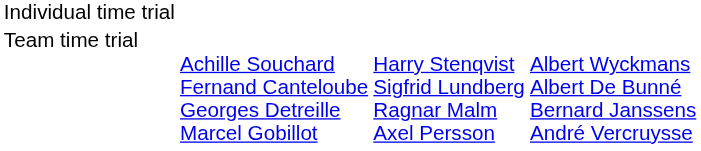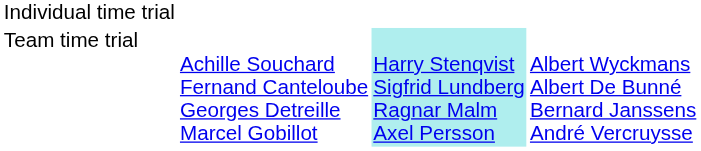 <table>
 <tr>
 <td>Individual time trial<br></td>
 <td></td>
 <td></td>
 <td></td>
 </tr>
 <tr valign="top">
 <td>Team time trial<br></td>
 <td><br><a href='#'>Achille Souchard</a><br><a href='#'>Fernand Canteloube</a><br><a href='#'>Georges Detreille</a><br><a href='#'>Marcel Gobillot</a></td>
-<td><br><a href='#'>Harry Stenqvist</a><br><a href='#'>Sigfrid Lundberg</a><br><a href='#'>Ragnar Malm</a><br><a href='#'>Axel Persson</a></td>
+<td style="background: paleturquoise;"><br><a href='#'>Harry Stenqvist</a><br><a href='#'>Sigfrid Lundberg</a><br><a href='#'>Ragnar Malm</a><br><a href='#'>Axel Persson</a></td>
 <td><br><a href='#'>Albert Wyckmans</a><br><a href='#'>Albert De Bunné</a><br><a href='#'>Bernard Janssens</a><br><a href='#'>André Vercruysse</a></td>
 </tr>
 </table>
